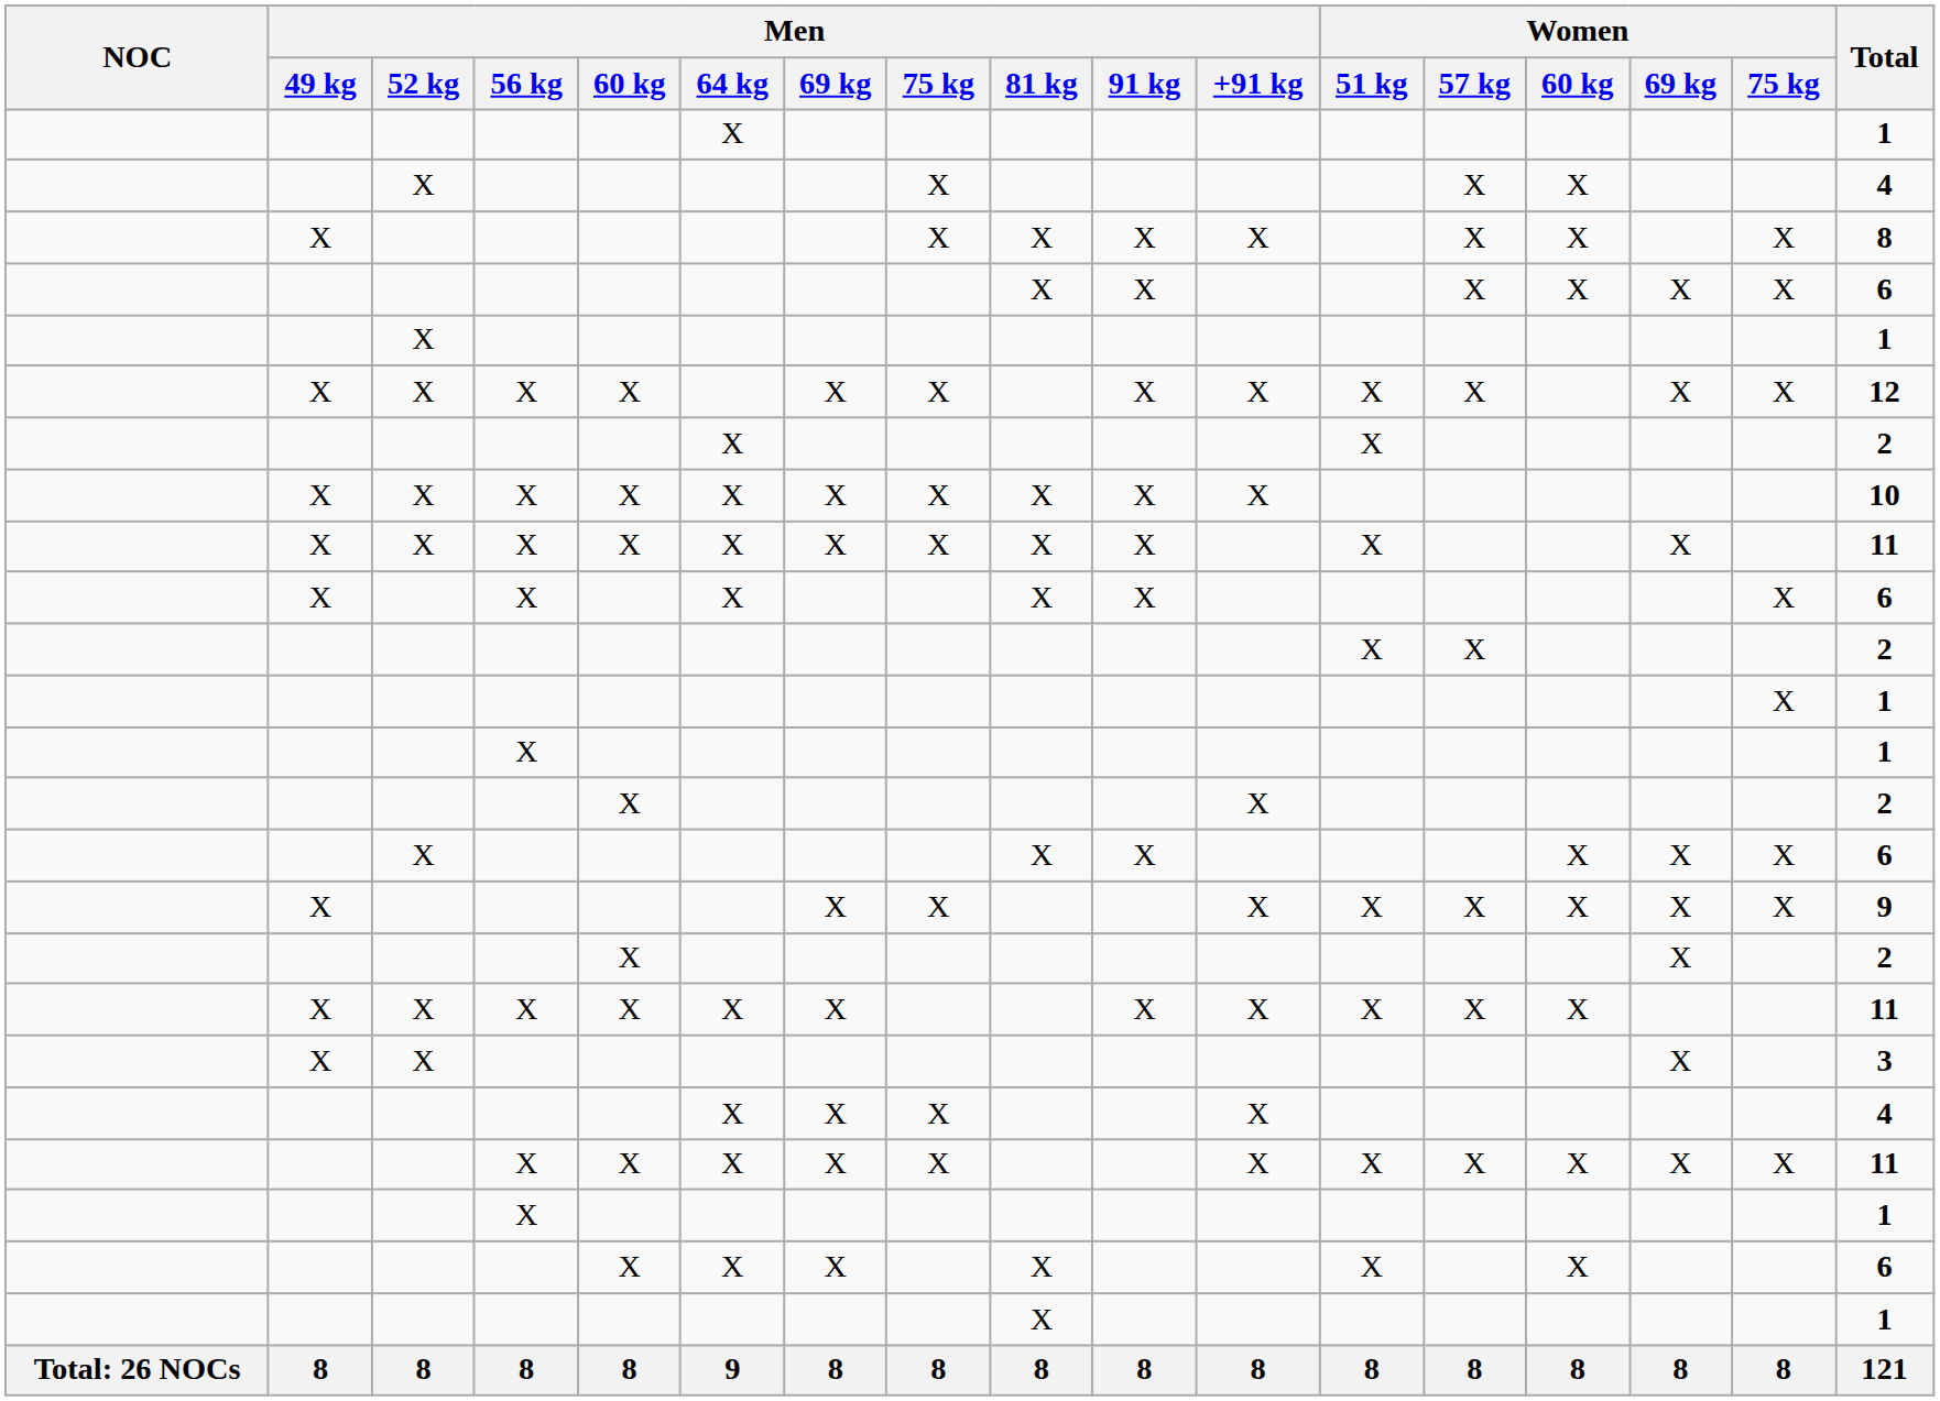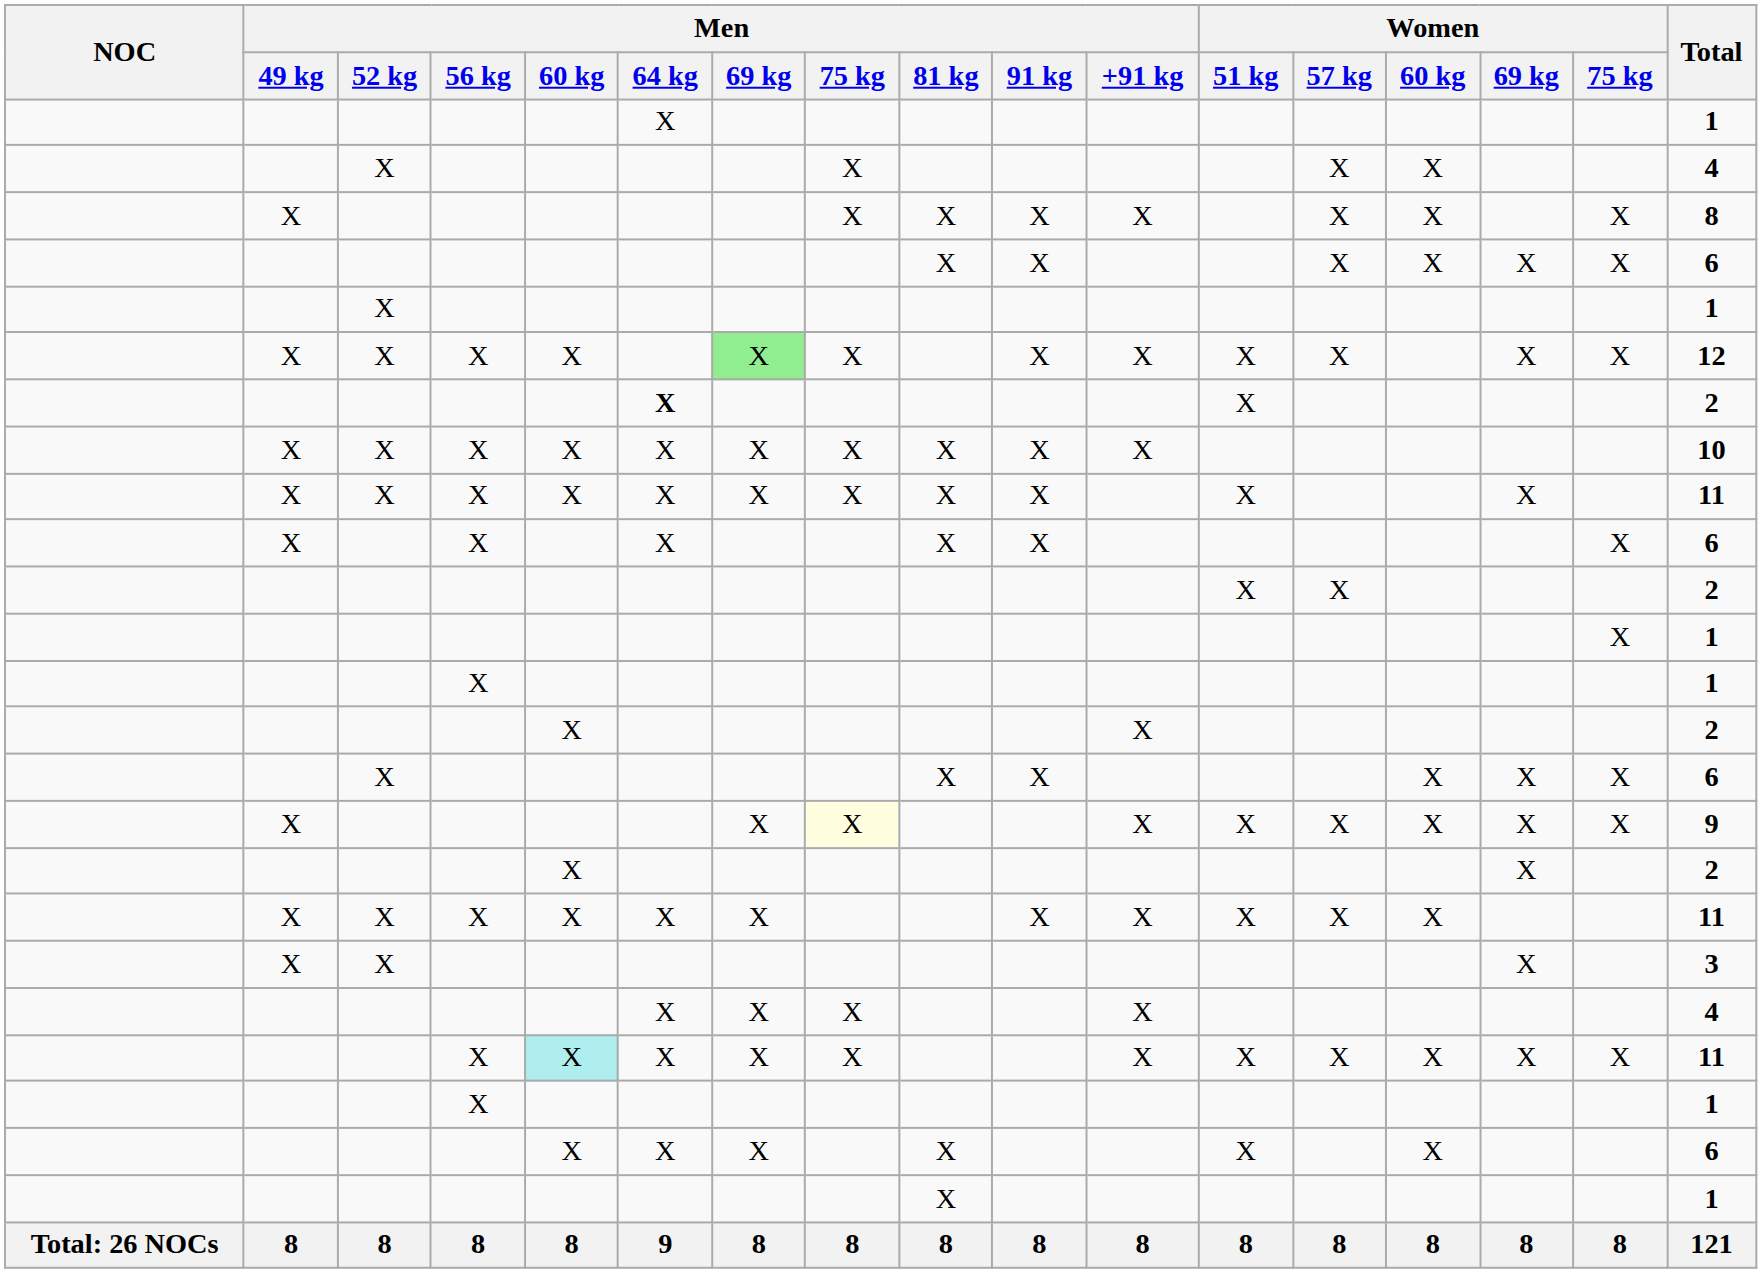 <table class="wikitable" width=890 style="text-align:center; font-size:90%">
 <tr>
 <th rowspan="2" align="left">NOC</th>
 <th colspan="10">Men</th>
 <th colspan="5">Women</th>
 <th rowspan="2">Total</th>
 </tr>
 <tr>
 <th><a href='#'>49 kg</a></th>
 <th><a href='#'>52 kg</a></th>
 <th><a href='#'>56 kg</a></th>
 <th><a href='#'>60 kg</a></th>
 <th><a href='#'>64 kg</a></th>
 <th><a href='#'>69 kg</a></th>
 <th><a href='#'>75 kg</a></th>
 <th><a href='#'>81 kg</a></th>
 <th><a href='#'>91 kg</a></th>
 <th><a href='#'>+91 kg</a></th>
 <th><a href='#'>51 kg</a></th>
 <th><a href='#'>57 kg</a></th>
 <th><a href='#'>60 kg</a></th>
 <th><a href='#'>69 kg</a></th>
 <th><a href='#'>75 kg</a></th>
 </tr>
 <tr>
 <td align="left"></td>
 <td></td>
 <td></td>
 <td></td>
 <td></td>
 <td>X</td>
 <td></td>
 <td></td>
 <td></td>
 <td></td>
 <td></td>
 <td></td>
 <td></td>
 <td></td>
 <td></td>
 <td></td>
 <td><strong>1</strong></td>
 </tr>
 <tr>
 <td align="left"></td>
 <td></td>
 <td>X</td>
 <td></td>
 <td></td>
 <td></td>
 <td></td>
 <td>X</td>
 <td></td>
 <td></td>
 <td></td>
 <td></td>
 <td>X</td>
 <td>X</td>
 <td></td>
 <td></td>
 <td><strong>4</strong></td>
 </tr>
 <tr>
 <td align="left"></td>
 <td>X</td>
 <td></td>
 <td></td>
 <td></td>
 <td></td>
 <td></td>
 <td>X</td>
 <td>X</td>
 <td>X</td>
 <td>X</td>
 <td></td>
 <td>X</td>
 <td>X</td>
 <td></td>
 <td>X</td>
 <td><strong>8</strong></td>
 </tr>
 <tr>
 <td align="left"></td>
 <td></td>
 <td></td>
 <td></td>
 <td></td>
 <td></td>
 <td></td>
 <td></td>
 <td>X</td>
 <td>X</td>
 <td></td>
 <td></td>
 <td>X</td>
 <td>X</td>
 <td>X</td>
 <td>X</td>
 <td><strong>6</strong></td>
 </tr>
 <tr>
 <td align="left"></td>
 <td></td>
 <td>X</td>
 <td></td>
 <td></td>
 <td></td>
 <td></td>
 <td></td>
 <td></td>
 <td></td>
 <td></td>
 <td></td>
 <td></td>
 <td></td>
 <td></td>
 <td></td>
 <td><strong>1</strong></td>
 </tr>
 <tr>
 <td align="left"></td>
 <td>X</td>
 <td>X</td>
 <td>X</td>
 <td>X</td>
 <td></td>
-<td>X</td>
+<td style="background: lightgreen;">X</td>
 <td>X</td>
 <td></td>
 <td>X</td>
 <td>X</td>
 <td>X</td>
 <td>X</td>
 <td></td>
 <td>X</td>
 <td>X</td>
 <td><strong>12</strong></td>
 </tr>
 <tr>
 <td align="left"></td>
 <td></td>
 <td></td>
 <td></td>
 <td></td>
-<td>X</td>
+<td><strong>X</strong></td>
 <td></td>
 <td></td>
 <td></td>
 <td></td>
 <td></td>
 <td>X</td>
 <td></td>
 <td></td>
 <td></td>
 <td></td>
 <td><strong>2</strong></td>
 </tr>
 <tr>
 <td align="left"></td>
 <td>X</td>
 <td>X</td>
 <td>X</td>
 <td>X</td>
 <td>X</td>
 <td>X</td>
 <td>X</td>
 <td>X</td>
 <td>X</td>
 <td>X</td>
 <td></td>
 <td></td>
 <td></td>
 <td></td>
 <td></td>
 <td><strong>10</strong></td>
 </tr>
 <tr>
 <td align="left"></td>
 <td>X</td>
 <td>X</td>
 <td>X</td>
 <td>X</td>
 <td>X</td>
 <td>X</td>
 <td>X</td>
 <td>X</td>
 <td>X</td>
 <td></td>
 <td>X</td>
 <td></td>
 <td></td>
 <td>X</td>
 <td></td>
 <td><strong>11</strong></td>
 </tr>
 <tr>
 <td align="left"></td>
 <td>X</td>
 <td></td>
 <td>X</td>
 <td></td>
 <td>X</td>
 <td></td>
 <td></td>
 <td>X</td>
 <td>X</td>
 <td></td>
 <td></td>
 <td></td>
 <td></td>
 <td></td>
 <td>X</td>
 <td><strong>6</strong></td>
 </tr>
 <tr>
 <td align="left"></td>
 <td></td>
 <td></td>
 <td></td>
 <td></td>
 <td></td>
 <td></td>
 <td></td>
 <td></td>
 <td></td>
 <td></td>
 <td>X</td>
 <td>X</td>
 <td></td>
 <td></td>
 <td></td>
 <td><strong>2</strong></td>
 </tr>
 <tr>
 <td align="left"></td>
 <td></td>
 <td></td>
 <td></td>
 <td></td>
 <td></td>
 <td></td>
 <td></td>
 <td></td>
 <td></td>
 <td></td>
 <td></td>
 <td></td>
 <td></td>
 <td></td>
 <td>X</td>
 <td><strong>1</strong></td>
 </tr>
 <tr>
 <td align="left"></td>
 <td></td>
 <td></td>
 <td>X</td>
 <td></td>
 <td></td>
 <td></td>
 <td></td>
 <td></td>
 <td></td>
 <td></td>
 <td></td>
 <td></td>
 <td></td>
 <td></td>
 <td></td>
 <td><strong>1</strong></td>
 </tr>
 <tr>
 <td align="left"></td>
 <td></td>
 <td></td>
 <td></td>
 <td>X</td>
 <td></td>
 <td></td>
 <td></td>
 <td></td>
 <td></td>
 <td>X</td>
 <td></td>
 <td></td>
 <td></td>
 <td></td>
 <td></td>
 <td><strong>2</strong></td>
 </tr>
 <tr>
 <td align="left"></td>
 <td></td>
 <td>X</td>
 <td></td>
 <td></td>
 <td></td>
 <td></td>
 <td></td>
 <td>X</td>
 <td>X</td>
 <td></td>
 <td></td>
 <td></td>
 <td>X</td>
 <td>X</td>
 <td>X</td>
 <td><strong>6</strong></td>
 </tr>
 <tr>
 <td align="left"></td>
 <td>X</td>
 <td></td>
 <td></td>
 <td></td>
 <td></td>
 <td>X</td>
-<td>X</td>
+<td style="background: lightyellow;">X</td>
 <td></td>
 <td></td>
 <td>X</td>
 <td>X</td>
 <td>X</td>
 <td>X</td>
 <td>X</td>
 <td>X</td>
 <td><strong>9</strong></td>
 </tr>
 <tr>
 <td align="left"></td>
 <td></td>
 <td></td>
 <td></td>
 <td>X</td>
 <td></td>
 <td></td>
 <td></td>
 <td></td>
 <td></td>
 <td></td>
 <td></td>
 <td></td>
 <td></td>
 <td>X</td>
 <td></td>
 <td><strong>2</strong></td>
 </tr>
 <tr>
 <td align="left"></td>
 <td>X</td>
 <td>X</td>
 <td>X</td>
 <td>X</td>
 <td>X</td>
 <td>X</td>
 <td></td>
 <td></td>
 <td>X</td>
 <td>X</td>
 <td>X</td>
 <td>X</td>
 <td>X</td>
 <td></td>
 <td></td>
 <td><strong>11</strong></td>
 </tr>
 <tr>
 <td align="left"></td>
 <td>X</td>
 <td>X</td>
 <td></td>
 <td></td>
 <td></td>
 <td></td>
 <td></td>
 <td></td>
 <td></td>
 <td></td>
 <td></td>
 <td></td>
 <td></td>
 <td>X</td>
 <td></td>
 <td><strong>3</strong></td>
 </tr>
 <tr>
 <td align="left"></td>
 <td></td>
 <td></td>
 <td></td>
 <td></td>
 <td>X</td>
 <td>X</td>
 <td>X</td>
 <td></td>
 <td></td>
 <td>X</td>
 <td></td>
 <td></td>
 <td></td>
 <td></td>
 <td></td>
 <td><strong>4</strong></td>
 </tr>
 <tr>
 <td align="left"></td>
 <td></td>
 <td></td>
 <td>X</td>
-<td>X</td>
+<td style="background: paleturquoise;">X</td>
 <td>X</td>
 <td>X</td>
 <td>X</td>
 <td></td>
 <td></td>
 <td>X</td>
 <td>X</td>
 <td>X</td>
 <td>X</td>
 <td>X</td>
 <td>X</td>
 <td><strong>11</strong></td>
 </tr>
 <tr>
 <td align="left"></td>
 <td></td>
 <td></td>
 <td>X</td>
 <td></td>
 <td></td>
 <td></td>
 <td></td>
 <td></td>
 <td></td>
 <td></td>
 <td></td>
 <td></td>
 <td></td>
 <td></td>
 <td></td>
 <td><strong>1</strong></td>
 </tr>
 <tr>
 <td align="left"></td>
 <td></td>
 <td></td>
 <td></td>
 <td>X</td>
 <td>X</td>
 <td>X</td>
 <td></td>
 <td>X</td>
 <td></td>
 <td></td>
 <td>X</td>
 <td></td>
 <td>X</td>
 <td></td>
 <td></td>
 <td><strong>6</strong></td>
 </tr>
 <tr>
 <td align="left"></td>
 <td></td>
 <td></td>
 <td></td>
 <td></td>
 <td></td>
 <td></td>
 <td></td>
 <td>X</td>
 <td></td>
 <td></td>
 <td></td>
 <td></td>
 <td></td>
 <td></td>
 <td></td>
 <td><strong>1</strong></td>
 </tr>
 <tr>
 <th>Total: 26 NOCs</th>
 <th>8</th>
 <th>8</th>
 <th>8</th>
 <th>8</th>
 <th>9</th>
 <th>8</th>
 <th>8</th>
 <th>8</th>
 <th>8</th>
 <th>8</th>
 <th>8</th>
 <th>8</th>
 <th>8</th>
 <th>8</th>
 <th>8</th>
 <th>121</th>
 </tr>
 </table>
